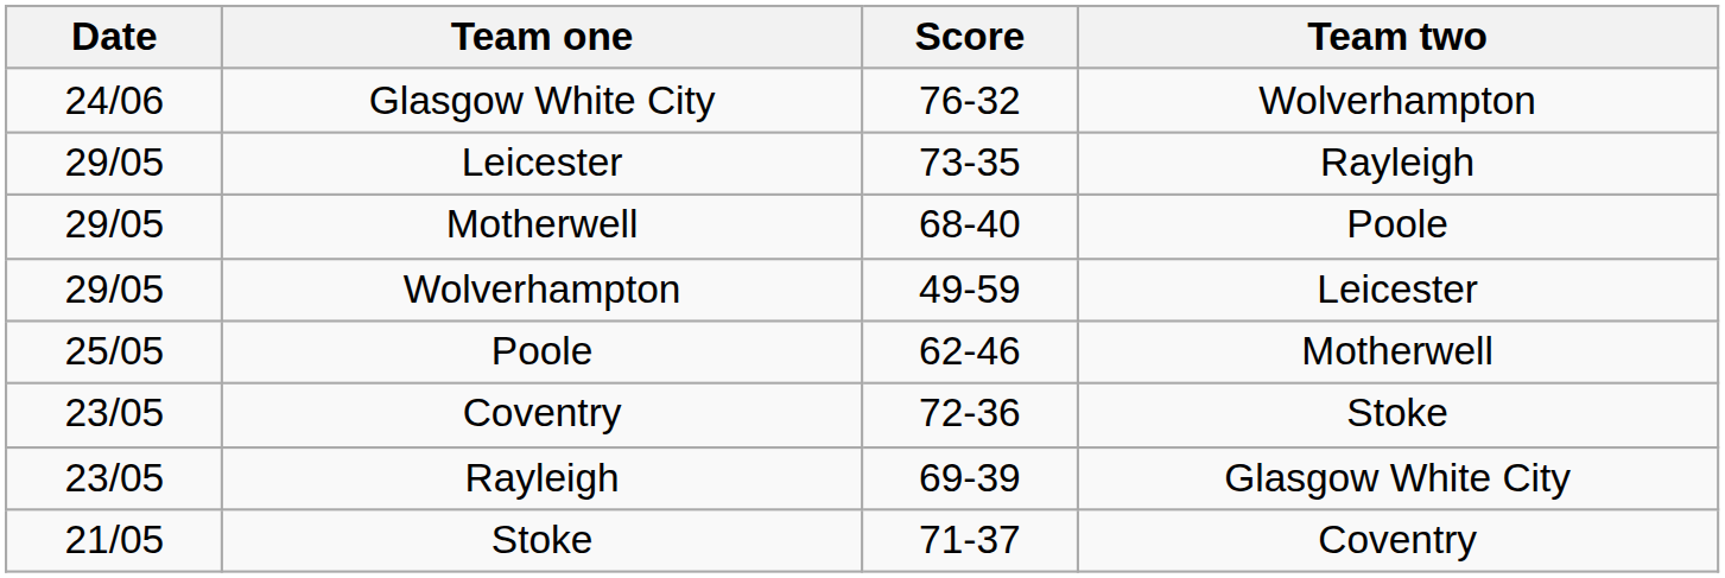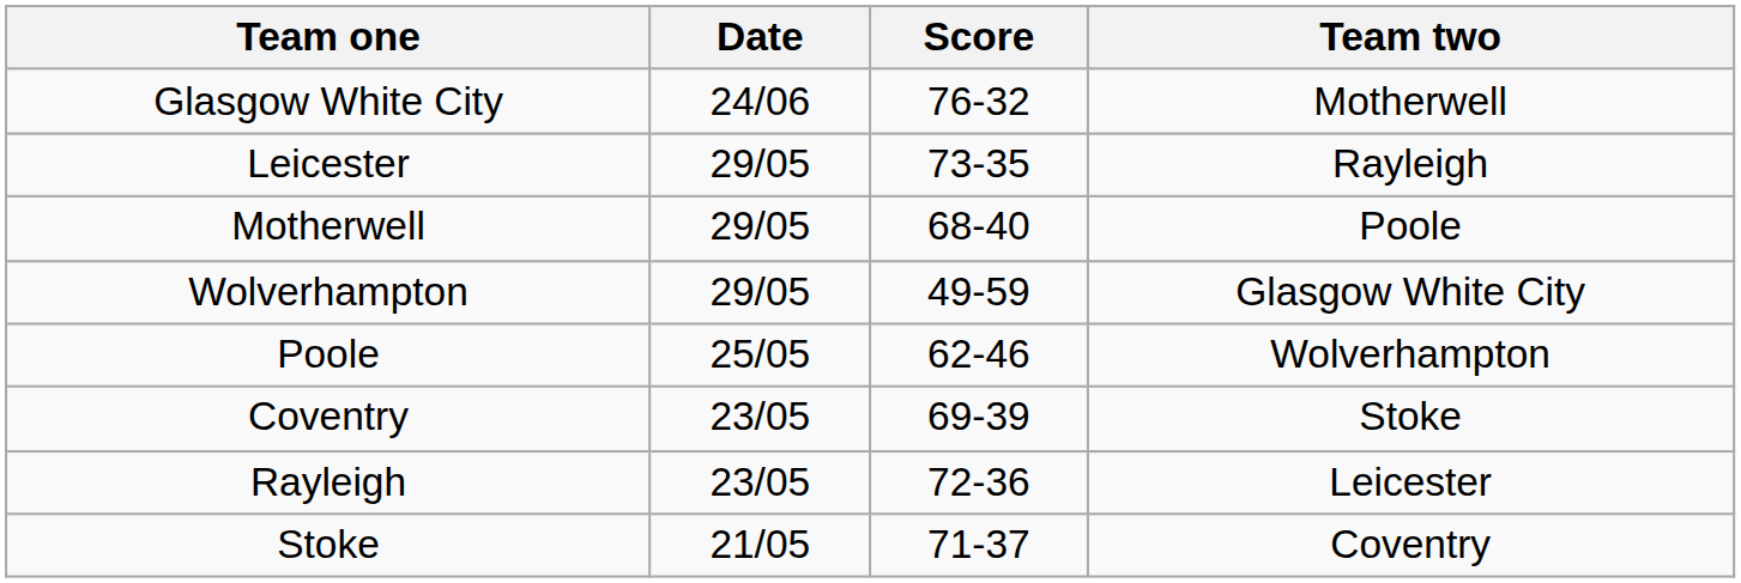 <table class="wikitable" style="text-align: center">
 <tr>
+<th width=250>Team one</th>
 <th width=80>Date</th>
-<th width=250>Team one</th>
 <th width=80>Score</th>
 <th width=250>Team two</th>
 </tr>
 <tr>
+<td>Glasgow White City</td>
 <td>24/06</td>
-<td>Glasgow White City</td>
 <td>76-32</td>
-<td>Wolverhampton</td>
+<td>Motherwell</td>
 </tr>
 <tr>
+<td>Leicester</td>
 <td>29/05</td>
-<td>Leicester</td>
 <td>73-35</td>
 <td>Rayleigh</td>
 </tr>
 <tr>
+<td>Motherwell</td>
 <td>29/05</td>
-<td>Motherwell</td>
 <td>68-40</td>
 <td>Poole</td>
 </tr>
 <tr>
+<td>Wolverhampton</td>
 <td>29/05</td>
+<td>49-59</td>
+<td>Glasgow White City</td>
+</tr>
+<tr>
+<td>Poole</td>
+<td>25/05</td>
+<td>62-46</td>
 <td>Wolverhampton</td>
-<td>49-59</td>
+</tr>
+<tr>
+<td>Coventry</td>
+<td>23/05</td>
+<td>69-39</td>
+<td>Stoke</td>
+</tr>
+<tr>
+<td>Rayleigh</td>
+<td>23/05</td>
+<td>72-36</td>
 <td>Leicester</td>
 </tr>
 <tr>
-<td>25/05</td>
-<td>Poole</td>
-<td>62-46</td>
-<td>Motherwell</td>
-</tr>
-<tr>
-<td>23/05</td>
-<td>Coventry</td>
-<td>72-36</td>
 <td>Stoke</td>
-</tr>
-<tr>
-<td>23/05</td>
-<td>Rayleigh</td>
-<td>69-39</td>
-<td>Glasgow White City</td>
-</tr>
-<tr>
 <td>21/05</td>
-<td>Stoke</td>
 <td>71-37</td>
 <td>Coventry</td>
 </tr>
 </table>
